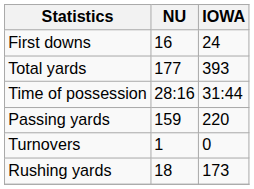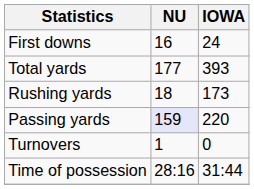 <table class="wikitable">
 <tr>
 <th>Statistics</th>
 <th>NU</th>
 <th>IOWA</th>
 </tr>
 <tr>
 <td>First downs</td>
 <td>16</td>
 <td>24</td>
 </tr>
 <tr>
 <td>Total yards</td>
 <td>177</td>
 <td>393</td>
 </tr>
 <tr>
-<td>Time of possession</td>
-<td>28:16</td>
-<td>31:44</td>
+<td>Rushing yards</td>
+<td>18</td>
+<td>173</td>
 </tr>
 <tr>
 <td>Passing yards</td>
-<td>159</td>
+<td style="background: lavender;">159</td>
 <td>220</td>
 </tr>
 <tr>
 <td>Turnovers</td>
 <td>1</td>
 <td>0</td>
 </tr>
 <tr>
-<td>Rushing yards</td>
-<td>18</td>
-<td>173</td>
+<td>Time of possession</td>
+<td>28:16</td>
+<td>31:44</td>
 </tr>
 <tr>
 </tr>
 </table>
